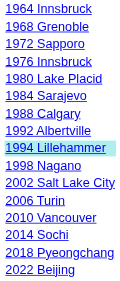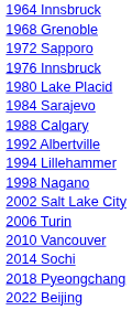 <table>
 <tr>
 <td><a href='#'>1964 Innsbruck</a><br></td>
 <td></td>
 <td></td>
 <td></td>
 </tr>
 <tr>
 <td><a href='#'>1968 Grenoble</a><br></td>
 <td></td>
 <td></td>
 <td></td>
 </tr>
 <tr>
 <td><a href='#'>1972 Sapporo</a><br></td>
 <td></td>
 <td></td>
 <td></td>
 </tr>
 <tr>
 <td><a href='#'>1976 Innsbruck</a><br></td>
 <td></td>
 <td></td>
 <td></td>
 </tr>
 <tr>
 <td><a href='#'>1980 Lake Placid</a><br></td>
 <td></td>
 <td></td>
 <td></td>
 </tr>
 <tr>
 <td><a href='#'>1984 Sarajevo</a><br></td>
 <td></td>
 <td></td>
 <td></td>
 </tr>
 <tr>
 <td><a href='#'>1988 Calgary</a><br></td>
 <td></td>
 <td></td>
 <td></td>
 </tr>
 <tr>
 <td><a href='#'>1992 Albertville</a><br></td>
 <td></td>
 <td></td>
 <td></td>
 </tr>
 <tr>
-<td style="background: paleturquoise;"><a href='#'>1994 Lillehammer</a><br></td>
+<td><a href='#'>1994 Lillehammer</a><br></td>
 <td></td>
 <td></td>
 <td></td>
 </tr>
 <tr>
 <td><a href='#'>1998 Nagano</a><br></td>
 <td></td>
 <td></td>
 <td></td>
 </tr>
 <tr>
 <td><a href='#'>2002 Salt Lake City</a><br></td>
 <td></td>
 <td></td>
 <td></td>
 </tr>
 <tr>
 <td><a href='#'>2006 Turin</a><br></td>
 <td></td>
 <td></td>
 <td></td>
 </tr>
 <tr>
 <td><a href='#'>2010 Vancouver</a><br></td>
 <td></td>
 <td></td>
 <td></td>
 </tr>
 <tr>
 <td><a href='#'>2014 Sochi</a><br></td>
 <td></td>
 <td></td>
 <td></td>
 </tr>
 <tr>
 <td><a href='#'>2018 Pyeongchang</a><br></td>
 <td></td>
 <td></td>
 <td></td>
 </tr>
 <tr>
 <td><a href='#'>2022 Beijing</a> <br></td>
 <td></td>
 <td></td>
 <td></td>
 </tr>
 <tr>
 </tr>
 </table>
